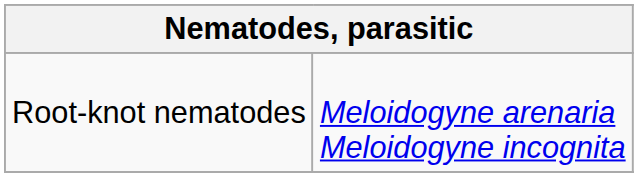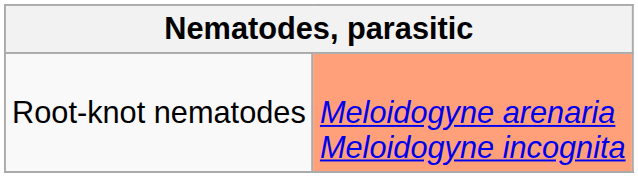 <table class="wikitable" style="clear:left">
 <tr>
 <th colspan=2><strong>Nematodes, parasitic</strong><br></th>
 </tr>
 <tr>
 <td>Root-knot nematodes</td>
-<td><br><em><a href='#'>Meloidogyne arenaria</a></em><br> <em><a href='#'>Meloidogyne incognita</a></em></td>
+<td style="background: lightsalmon;"><br><em><a href='#'>Meloidogyne arenaria</a></em><br> <em><a href='#'>Meloidogyne incognita</a></em></td>
 </tr>
 <tr>
 </tr>
 </table>
